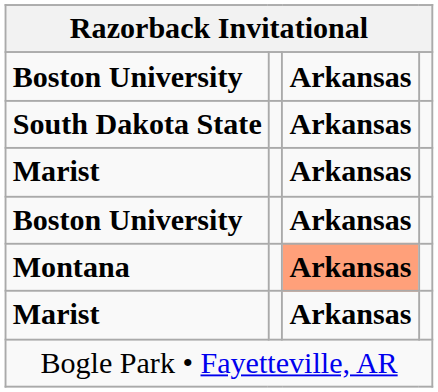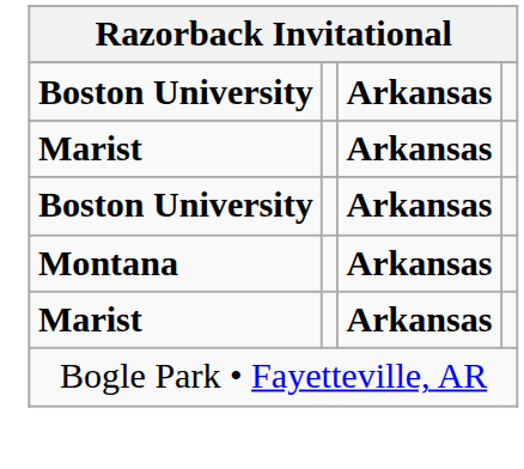 <table class="wikitable" style="float:right">
 <tr>
 <th colspan=4>Razorback Invitational</th>
 </tr>
 <tr>
 <td><strong>Boston University</strong></td>
-<td></td>
-<td><strong>Arkansas</strong></td>
-<td></td>
-</tr>
-<tr>
-<td><strong>South Dakota State</strong></td>
 <td></td>
 <td><strong>Arkansas</strong></td>
 <td></td>
 </tr>
 <tr>
 <td><strong>Marist</strong></td>
 <td></td>
 <td><strong>Arkansas</strong></td>
 <td></td>
 </tr>
 <tr>
 <td><strong>Boston University</strong></td>
 <td></td>
 <td><strong>Arkansas</strong></td>
 <td></td>
 </tr>
 <tr>
 <td><strong>Montana</strong></td>
 <td></td>
-<td style="background: lightsalmon;"><strong>Arkansas</strong></td>
+<td><strong>Arkansas</strong></td>
 <td></td>
 </tr>
 <tr>
 <td><strong>Marist</strong></td>
 <td></td>
 <td><strong>Arkansas</strong></td>
 <td></td>
 </tr>
 <tr>
 <td colspan=4 style="text-align:center">Bogle Park • <a href='#'>Fayetteville, AR</a></td>
 </tr>
 </table>
